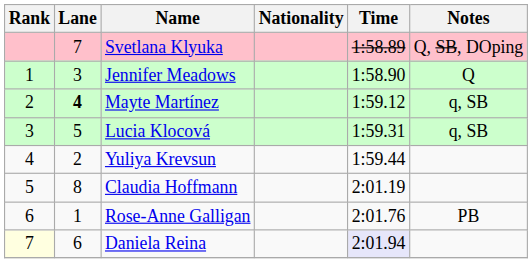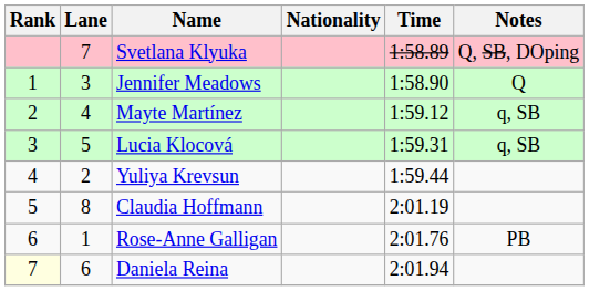 <table class="wikitable sortable" style="text-align:center">
 <tr>
 <th>Rank</th>
 <th>Lane</th>
 <th>Name</th>
 <th>Nationality</th>
 <th>Time</th>
 <th>Notes</th>
 </tr>
 <tr bgcolor=pink>
 <td></td>
 <td>7</td>
 <td align="left"><a href='#'>Svetlana Klyuka</a></td>
 <td align=left></td>
 <td><s>1:58.89 </s></td>
 <td>Q, <s>SB</s>, DOping</td>
 </tr>
 <tr bgcolor=ccffcc>
 <td>1</td>
 <td>3</td>
 <td align="left"><a href='#'>Jennifer Meadows</a></td>
 <td align=left></td>
 <td>1:58.90</td>
 <td>Q</td>
 </tr>
 <tr bgcolor=ccffcc>
 <td>2</td>
-<td><strong>4</strong></td>
+<td>4</td>
 <td align="left"><a href='#'>Mayte Martínez</a></td>
 <td align=left></td>
 <td>1:59.12</td>
 <td>q, SB</td>
 </tr>
 <tr bgcolor=ccffcc>
 <td>3</td>
 <td>5</td>
 <td align="left"><a href='#'>Lucia Klocová</a></td>
 <td align=left></td>
 <td>1:59.31</td>
 <td>q, SB</td>
 </tr>
 <tr>
 <td>4</td>
 <td>2</td>
 <td align="left"><a href='#'>Yuliya Krevsun</a></td>
 <td align=left></td>
 <td>1:59.44</td>
 <td></td>
 </tr>
 <tr>
 <td>5</td>
 <td>8</td>
 <td align="left"><a href='#'>Claudia Hoffmann</a></td>
 <td align=left></td>
 <td>2:01.19</td>
 <td></td>
 </tr>
 <tr>
 <td>6</td>
 <td>1</td>
 <td align="left"><a href='#'>Rose-Anne Galligan</a></td>
 <td align=left></td>
 <td>2:01.76</td>
 <td>PB</td>
 </tr>
 <tr>
 <td style="background: lightyellow;">7</td>
 <td>6</td>
 <td align="left"><a href='#'>Daniela Reina</a></td>
 <td align=left></td>
-<td style="background: lavender;">2:01.94</td>
+<td>2:01.94</td>
 <td></td>
 </tr>
 <tr>
 </tr>
 </table>
